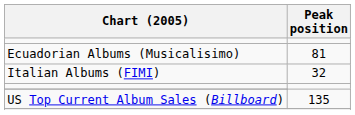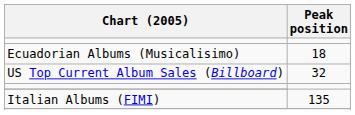 <table class="wikitable sortable plainrowheaders">
 <tr>
 <th>Chart (2005)</th>
 <th>Peak<br>position</th>
 </tr>
 <tr>
 <td></td>
 </tr>
 <tr>
 <td>Ecuadorian Albums (Musicalisimo)</td>
-<td style="text-align:center;">81</td>
+<td style="text-align:center;">18</td>
 </tr>
 <tr>
-<td>Italian Albums (<a href='#'>FIMI</a>)</td>
+<td>US <a href='#'>Top Current Album Sales</a> (<a href='#'><em>Billboard</em></a>) </td>
 <td style="text-align:center;">32</td>
 </tr>
 <tr>
 <td></td>
 </tr>
 <tr>
 </tr>
 <tr>
 </tr>
 <tr>
-<td>US <a href='#'>Top Current Album Sales</a> (<a href='#'><em>Billboard</em></a>) </td>
+<td>Italian Albums (<a href='#'>FIMI</a>)</td>
 <td style="text-align:center;">135</td>
 </tr>
 <tr>
 </tr>
 <tr>
 </tr>
 </table>
